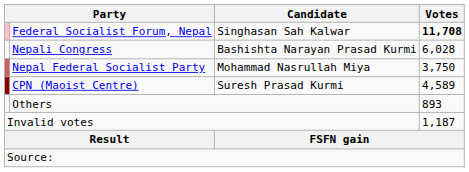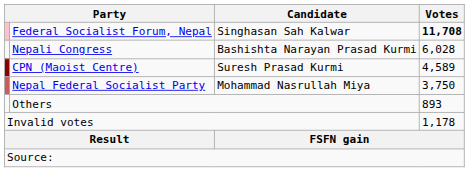 <table class="wikitable">
 <tr>
 <th colspan="2">Party</th>
 <th>Candidate</th>
 <th>Votes</th>
 </tr>
 <tr>
 <td style="background-color:pink"></td>
 <td><a href='#'>Federal Socialist Forum, Nepal</a></td>
 <td>Singhasan Sah Kalwar</td>
 <td><strong>11,708</strong></td>
 </tr>
 <tr>
 <td style="background-color:"></td>
 <td><a href='#'>Nepali Congress</a></td>
 <td>Bashishta Narayan Prasad Kurmi</td>
 <td>6,028</td>
 </tr>
 <tr>
+<td style="background-color:darkred"></td>
+<td><a href='#'>CPN (Maoist Centre)</a></td>
+<td>Suresh Prasad Kurmi</td>
+<td>4,589</td>
+</tr>
+<tr>
 <td style="background-color:#CD5C5C"></td>
 <td><a href='#'>Nepal Federal Socialist Party</a></td>
 <td>Mohammad Nasrullah Miya</td>
 <td>3,750</td>
-</tr>
-<tr>
-<td style="background-color:darkred"></td>
-<td><a href='#'>CPN (Maoist Centre)</a></td>
-<td>Suresh Prasad Kurmi</td>
-<td>4,589</td>
 </tr>
 <tr>
 <td></td>
 <td colspan="2">Others</td>
 <td>893</td>
 </tr>
 <tr>
 <td colspan="3">Invalid votes</td>
-<td>1,187</td>
+<td>1,178</td>
 </tr>
 <tr>
 <th colspan="2">Result</th>
 <th colspan="2">FSFN gain</th>
 </tr>
 <tr>
 <td colspan="4">Source: </td>
 </tr>
 </table>
